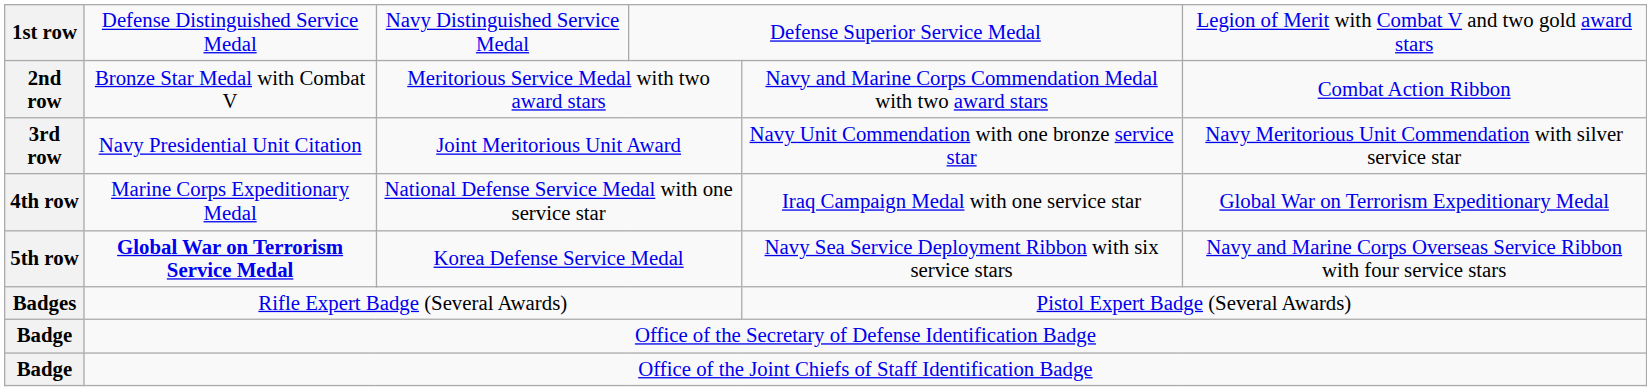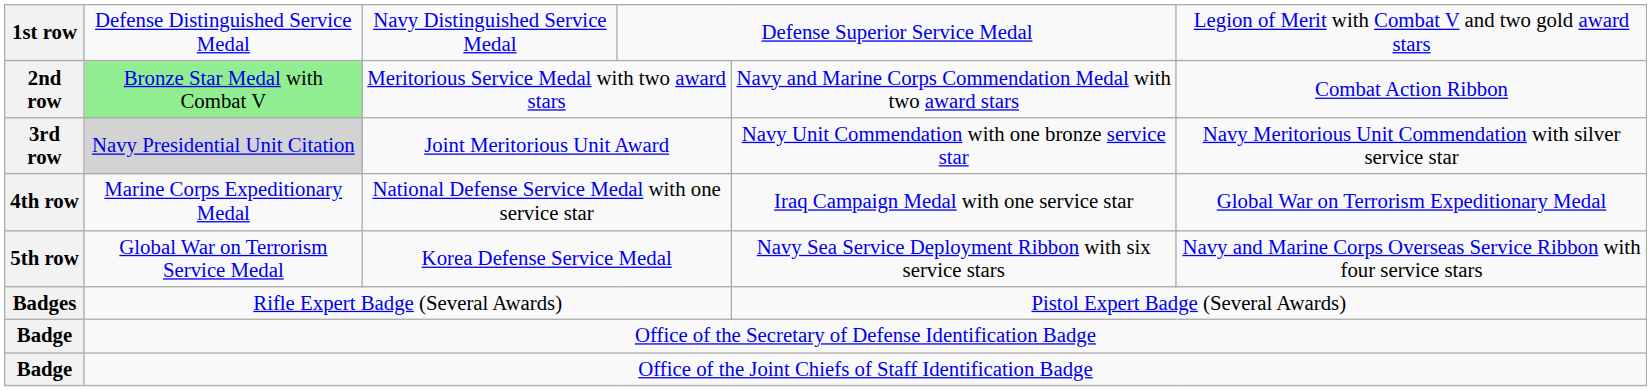 <table class="wikitable" style="margin:1em auto; text-align:center;">
 <tr>
 <th>1st row</th>
 <td colspan="2"><a href='#'>Defense Distinguished Service Medal</a></td>
 <td><a href='#'>Navy Distinguished Service Medal</a></td>
 <td colspan="2"><a href='#'>Defense Superior Service Medal</a></td>
 <td colspan="2"><a href='#'>Legion of Merit</a> with <a href='#'>Combat V</a> and two gold <a href='#'>award stars</a></td>
 </tr>
 <tr>
 <th>2nd row</th>
-<td><a href='#'>Bronze Star Medal</a> with Combat V</td>
+<td style="background: lightgreen;"><a href='#'>Bronze Star Medal</a> with Combat V</td>
 <td colspan="3"><a href='#'>Meritorious Service Medal</a> with two <a href='#'>award stars</a></td>
 <td colspan="2"><a href='#'>Navy and Marine Corps Commendation Medal</a> with two <a href='#'>award stars</a></td>
 <td><a href='#'>Combat Action Ribbon</a></td>
 </tr>
 <tr>
 <th>3rd row</th>
-<td><a href='#'>Navy Presidential Unit Citation</a></td>
+<td style="background: lightgrey;"><a href='#'>Navy Presidential Unit Citation</a></td>
 <td colspan="3"><a href='#'>Joint Meritorious Unit Award</a></td>
 <td colspan="2"><a href='#'>Navy Unit Commendation</a> with one bronze <a href='#'>service star</a></td>
 <td><a href='#'>Navy Meritorious Unit Commendation</a> with silver service star</td>
 </tr>
 <tr>
 <th>4th row</th>
 <td><a href='#'>Marine Corps Expeditionary Medal</a></td>
 <td colspan="3"><a href='#'>National Defense Service Medal</a> with one service star</td>
 <td colspan="2"><a href='#'>Iraq Campaign Medal</a> with one service star</td>
 <td><a href='#'>Global War on Terrorism Expeditionary Medal</a></td>
 </tr>
 <tr>
 <th>5th row</th>
-<td><strong><a href='#'>Global War on Terrorism Service Medal</a></strong></td>
+<td><a href='#'>Global War on Terrorism Service Medal</a></td>
 <td colspan="3"><a href='#'>Korea Defense Service Medal</a></td>
 <td colspan="2"><a href='#'>Navy Sea Service Deployment Ribbon</a> with six service stars</td>
 <td><a href='#'>Navy and Marine Corps Overseas Service Ribbon</a> with four service stars</td>
 </tr>
 <tr>
 <th>Badges</th>
 <td colspan="4"><a href='#'>Rifle Expert Badge</a> (Several Awards)</td>
 <td colspan="3"><a href='#'>Pistol Expert Badge</a> (Several Awards)</td>
 </tr>
 <tr>
 <th>Badge</th>
 <td colspan="7"><a href='#'>Office of the Secretary of Defense Identification Badge</a></td>
 </tr>
 <tr>
 <th>Badge</th>
 <td colspan="7"><a href='#'>Office of the Joint Chiefs of Staff Identification Badge</a></td>
 </tr>
 </table>
